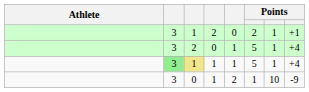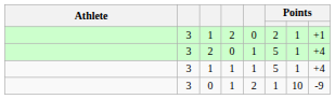 <table class="wikitable" style="text-align: center; font-size:100% ">
 <tr>
 <th rowspan=2 width=250>Athlete</th>
 <th rowspan=2 width=25></th>
 <th rowspan=2 width=25></th>
 <th rowspan=2 width=25></th>
 <th rowspan=2 width=25></th>
 <th colspan=3>Points</th>
 </tr>
 <tr>
 <th width=25></th>
 <th width=25></th>
 <th width=25></th>
 </tr>
 <tr bgcolor="ccffcc">
 <td align=left></td>
 <td>3</td>
 <td>1</td>
 <td>2</td>
 <td>0</td>
 <td>2</td>
 <td>1</td>
 <td>+1</td>
 </tr>
 <tr bgcolor="ccffcc">
 <td align=left></td>
 <td>3</td>
 <td>2</td>
 <td>0</td>
 <td>1</td>
 <td>5</td>
 <td>1</td>
 <td>+4</td>
 </tr>
 <tr>
 <td align=left></td>
-<td style="background: lightgreen;">3</td>
-<td style="background: khaki;">1</td>
+<td>3</td>
+<td>1</td>
 <td>1</td>
 <td>1</td>
 <td>5</td>
 <td>1</td>
 <td>+4</td>
 </tr>
 <tr>
 <td align=left></td>
 <td>3</td>
 <td>0</td>
 <td>1</td>
 <td>2</td>
 <td>1</td>
 <td>10</td>
 <td>-9</td>
 </tr>
 </table>
